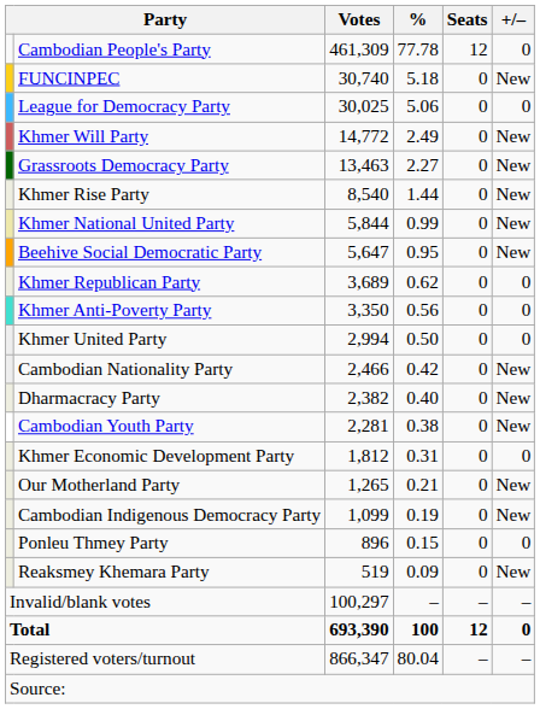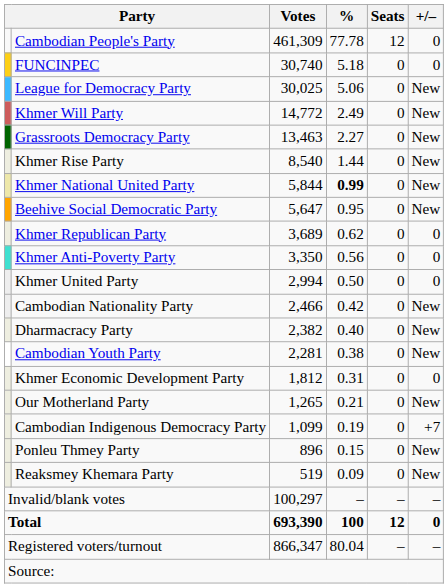 <table class=wikitable style=text-align:right>
 <tr>
 <th colspan=2>Party</th>
 <th>Votes</th>
 <th>%</th>
 <th>Seats</th>
 <th>+/–</th>
 </tr>
 <tr>
 <td style="background:"></td>
 <td align=left><a href='#'>Cambodian People's Party</a></td>
 <td>461,309</td>
 <td>77.78</td>
 <td>12</td>
 <td>0</td>
 </tr>
 <tr>
 <td bgcolor=#FDD017></td>
 <td align=left><a href='#'>FUNCINPEC</a></td>
 <td>30,740</td>
 <td>5.18</td>
 <td>0</td>
-<td>New</td>
+<td>0</td>
 </tr>
 <tr>
 <td style="background:#3BB9FF"></td>
 <td align=left><a href='#'>League for Democracy Party</a></td>
 <td>30,025</td>
 <td>5.06</td>
 <td>0</td>
-<td>0</td>
+<td>New</td>
 </tr>
 <tr>
 <td bgcolor=#CD5C5C></td>
 <td align=left><a href='#'>Khmer Will Party</a></td>
 <td>14,772</td>
 <td>2.49</td>
 <td>0</td>
 <td>New</td>
 </tr>
 <tr>
 <td bgcolor=#006400></td>
 <td align=left><a href='#'>Grassroots Democracy Party</a></td>
 <td>13,463</td>
 <td>2.27</td>
 <td>0</td>
 <td>New</td>
 </tr>
 <tr>
 <td bgcolor=#EEEEE></td>
 <td align=left>Khmer Rise Party</td>
 <td>8,540</td>
 <td>1.44</td>
 <td>0</td>
 <td>New</td>
 </tr>
 <tr>
 <td bgcolor=#EEE8AA></td>
 <td align=left><a href='#'>Khmer National United Party</a></td>
 <td>5,844</td>
-<td>0.99</td>
+<td><strong>0.99</strong></td>
 <td>0</td>
 <td>New</td>
 </tr>
 <tr>
 <td bgcolor=#FFA500></td>
 <td align=left><a href='#'>Beehive Social Democratic Party</a></td>
 <td>5,647</td>
 <td>0.95</td>
 <td>0</td>
 <td>New</td>
 </tr>
 <tr>
 <td bgcolor=#EEEEE></td>
 <td align=left><a href='#'>Khmer Republican Party</a></td>
 <td>3,689</td>
 <td>0.62</td>
 <td>0</td>
 <td>0</td>
 </tr>
 <tr>
 <td bgcolor=#40E0D0></td>
 <td align=left><a href='#'>Khmer Anti-Poverty Party</a></td>
 <td>3,350</td>
 <td>0.56</td>
 <td>0</td>
 <td>0</td>
 </tr>
 <tr>
 <td bgcolor=#EEEEEE></td>
 <td align=left>Khmer United Party</td>
 <td>2,994</td>
 <td>0.50</td>
 <td>0</td>
 <td>0</td>
 </tr>
 <tr>
 <td bgcolor=#EEEEEE></td>
 <td align=left>Cambodian Nationality Party</td>
 <td>2,466</td>
 <td>0.42</td>
 <td>0</td>
 <td>New</td>
 </tr>
 <tr>
 <td bgcolor=#EEEEE></td>
 <td align=left>Dharmacracy Party</td>
 <td>2,382</td>
 <td>0.40</td>
 <td>0</td>
 <td>New</td>
 </tr>
 <tr>
 <td bgcolor=#FFFFFF></td>
 <td align=left><a href='#'>Cambodian Youth Party</a></td>
 <td>2,281</td>
 <td>0.38</td>
 <td>0</td>
 <td>New</td>
 </tr>
 <tr>
 <td bgcolor=#EEEEE></td>
 <td align=left>Khmer Economic Development Party</td>
 <td>1,812</td>
 <td>0.31</td>
 <td>0</td>
 <td>0</td>
 </tr>
 <tr>
 <td bgcolor=#EEEEE></td>
 <td align=left>Our Motherland Party</td>
 <td>1,265</td>
 <td>0.21</td>
 <td>0</td>
 <td>New</td>
 </tr>
 <tr>
 <td bgcolor=#EEEEE></td>
 <td align=left>Cambodian Indigenous Democracy Party</td>
 <td>1,099</td>
 <td>0.19</td>
 <td>0</td>
-<td>New</td>
+<td>+7</td>
 </tr>
 <tr>
 <td bgcolor=#EEEEE></td>
 <td align=left>Ponleu Thmey Party</td>
 <td>896</td>
 <td>0.15</td>
 <td>0</td>
-<td>0</td>
+<td>New</td>
 </tr>
 <tr>
 <td bgcolor=#EEEEE></td>
 <td align=left>Reaksmey Khemara Party</td>
 <td>519</td>
 <td>0.09</td>
 <td>0</td>
 <td>New</td>
 </tr>
 <tr>
 <td colspan=2 align=left>Invalid/blank votes</td>
 <td>100,297</td>
 <td>–</td>
 <td>–</td>
 <td>–</td>
 </tr>
 <tr>
 <td colspan=2 align=left><strong>Total</strong></td>
 <td><strong>693,390</strong></td>
 <td><strong>100</strong></td>
 <td><strong>12</strong></td>
 <td><strong>0</strong></td>
 </tr>
 <tr>
 <td colspan=2 align=left>Registered voters/turnout</td>
 <td>866,347</td>
 <td>80.04</td>
 <td>–</td>
 <td>–</td>
 </tr>
 <tr>
 <td colspan=6 align=left>Source: </td>
 </tr>
 </table>
